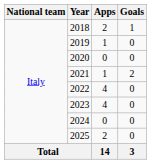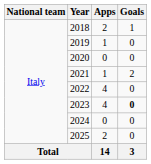 <table class="wikitable" style="text-align:center">
 <tr>
 <th>National team</th>
 <th>Year</th>
 <th>Apps</th>
 <th>Goals</th>
 </tr>
 <tr>
 <td rowspan="8"><a href='#'>Italy</a></td>
 <td>2018</td>
 <td>2</td>
 <td>1</td>
 </tr>
 <tr>
 <td>2019</td>
 <td>1</td>
 <td>0</td>
 </tr>
 <tr>
 <td>2020</td>
 <td>0</td>
 <td>0</td>
 </tr>
 <tr>
 <td>2021</td>
 <td>1</td>
 <td>2</td>
 </tr>
 <tr>
 <td>2022</td>
 <td>4</td>
 <td>0</td>
 </tr>
 <tr>
 <td>2023</td>
 <td>4</td>
-<td>0</td>
+<td><strong>0</strong></td>
 </tr>
 <tr>
 <td>2024</td>
 <td>0</td>
 <td>0</td>
 </tr>
 <tr>
 <td>2025</td>
 <td>2</td>
 <td>0</td>
 </tr>
 <tr>
 <th colspan="2">Total</th>
 <th>14</th>
 <th>3</th>
 </tr>
 </table>
